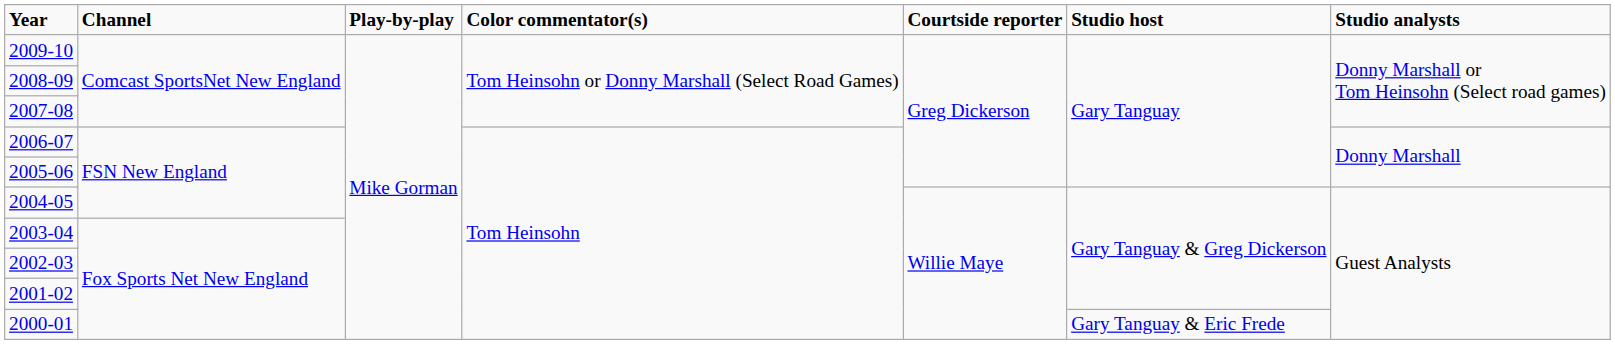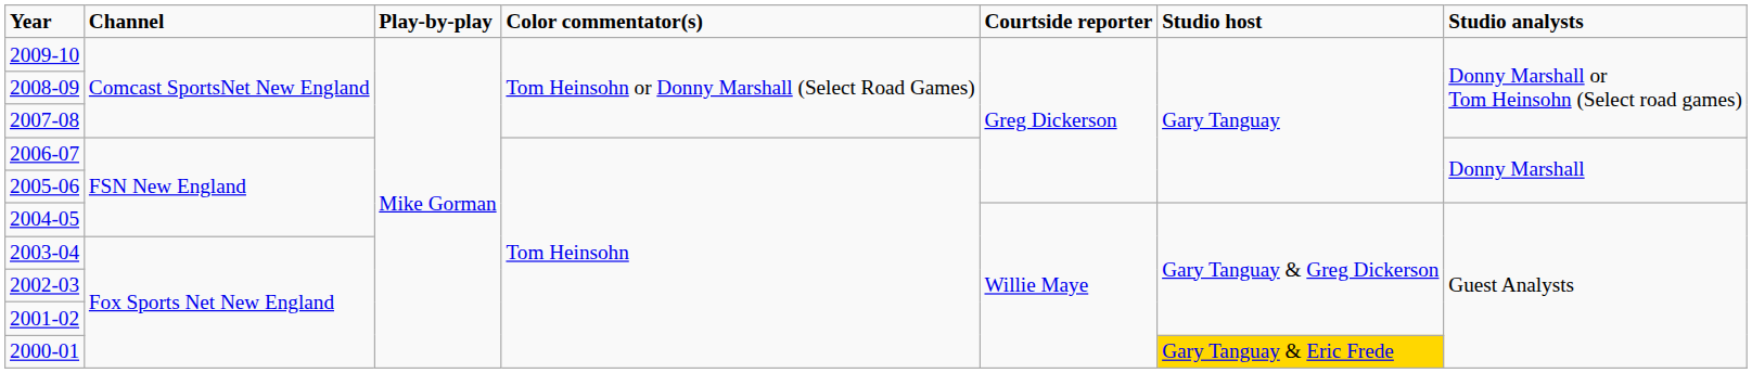 <table class="wikitable">
 <tr>
 <td><strong>Year</strong></td>
 <td><strong>Channel</strong></td>
 <td><strong>Play-by-play</strong></td>
 <td><strong>Color commentator(s)</strong></td>
 <td><strong>Courtside reporter</strong></td>
 <td><strong>Studio host</strong></td>
 <td><strong>Studio analysts</strong></td>
 </tr>
 <tr>
 <td><a href='#'>2009-10</a></td>
 <td rowspan=3><a href='#'>Comcast SportsNet New England</a></td>
 <td rowspan=10><a href='#'>Mike Gorman</a></td>
 <td rowspan=3><a href='#'>Tom Heinsohn</a> or <a href='#'>Donny Marshall</a> (Select Road Games)</td>
 <td rowspan=5><a href='#'>Greg Dickerson</a></td>
 <td rowspan=5><a href='#'>Gary Tanguay</a></td>
 <td rowspan=3><a href='#'>Donny Marshall</a> or<br> <a href='#'>Tom Heinsohn</a> (Select road games)</td>
 </tr>
 <tr>
 <td><a href='#'>2008-09</a></td>
 </tr>
 <tr>
 <td><a href='#'>2007-08</a></td>
 </tr>
 <tr>
 <td><a href='#'>2006-07</a></td>
 <td rowspan=3><a href='#'>FSN New England</a></td>
 <td rowspan=7><a href='#'>Tom Heinsohn</a></td>
 <td rowspan=2><a href='#'>Donny Marshall</a></td>
 </tr>
 <tr>
 <td><a href='#'>2005-06</a></td>
 </tr>
 <tr>
 <td><a href='#'>2004-05</a></td>
 <td rowspan=5><a href='#'>Willie Maye</a></td>
 <td rowspan=4><a href='#'>Gary Tanguay</a> & <a href='#'>Greg Dickerson</a></td>
 <td rowspan=5>Guest Analysts</td>
 </tr>
 <tr>
 <td><a href='#'>2003-04</a></td>
 <td rowspan=4><a href='#'>Fox Sports Net New England</a></td>
 </tr>
 <tr>
 <td><a href='#'>2002-03</a></td>
 </tr>
 <tr>
 <td><a href='#'>2001-02</a></td>
 </tr>
 <tr>
 <td><a href='#'>2000-01</a></td>
-<td><a href='#'>Gary Tanguay</a> & <a href='#'>Eric Frede</a></td>
+<td style="background: gold;"><a href='#'>Gary Tanguay</a> & <a href='#'>Eric Frede</a></td>
 </tr>
 </table>
